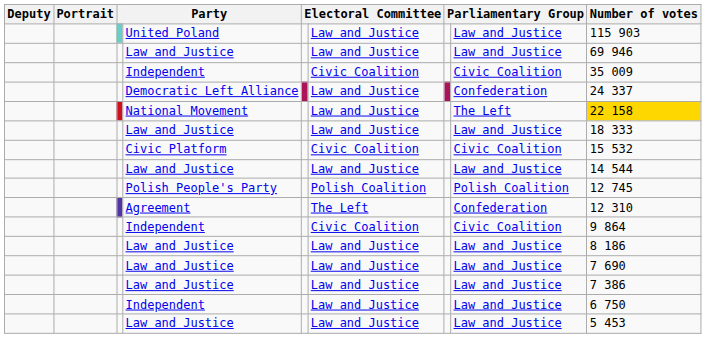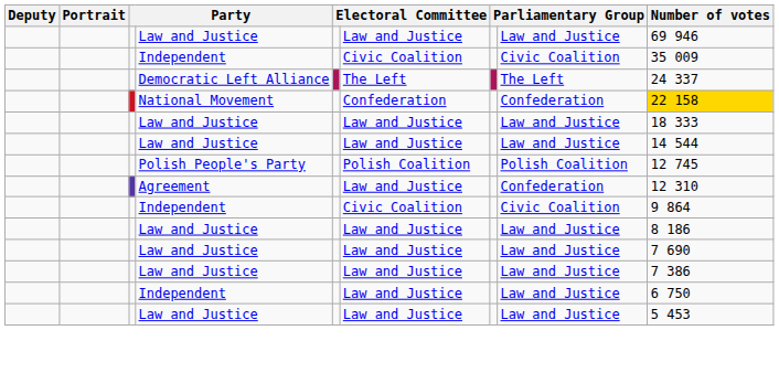 <table class="wikitable sortable" style="font-size:95%;line-height:14px;">
 <tr>
 <th>Deputy</th>
 <th>Portrait</th>
 <th colspan="2">Party</th>
 <th colspan="2">Electoral Committee</th>
 <th colspan="2">Parliamentary Group</th>
 <th>Number of votes</th>
-</tr>
-<tr>
-<td></td>
-<td></td>
-<td style="background:#6acec8;"></td>
-<td><a href='#'>United Poland</a></td>
-<td style="background:"></td>
-<td><a href='#'>Law and Justice</a></td>
-<td style="background:"></td>
-<td><a href='#'>Law and Justice</a></td>
-<td>115 903</td>
 </tr>
 <tr>
 <td></td>
 <td></td>
 <td style="background:"></td>
 <td><a href='#'>Law and Justice</a></td>
 <td style="background:"></td>
 <td><a href='#'>Law and Justice</a></td>
 <td style="background:"></td>
 <td><a href='#'>Law and Justice</a></td>
 <td>69 946</td>
 </tr>
 <tr>
 <td></td>
 <td></td>
 <td style="background:"></td>
 <td><a href='#'>Independent</a></td>
 <td style="background:"></td>
 <td><a href='#'>Civic Coalition</a></td>
 <td style="background:"></td>
 <td><a href='#'>Civic Coalition</a></td>
 <td>35 009</td>
 </tr>
 <tr>
 <td></td>
 <td></td>
 <td style="background:"></td>
 <td><a href='#'>Democratic Left Alliance</a></td>
 <td style="background:#AC145A;"></td>
-<td><a href='#'>Law and Justice</a></td>
+<td><a href='#'>The Left</a></td>
 <td style="background:#AC145A;"></td>
-<td><a href='#'>Confederation</a></td>
+<td><a href='#'>The Left</a></td>
 <td>24 337</td>
 </tr>
 <tr>
 <td></td>
 <td></td>
 <td style="background:#CF1020;"></td>
 <td><a href='#'>National Movement</a></td>
 <td style="background:"></td>
-<td><a href='#'>Law and Justice</a></td>
+<td><a href='#'>Confederation</a></td>
 <td style="background:"></td>
-<td><a href='#'>The Left</a></td>
+<td><a href='#'>Confederation</a></td>
 <td style="background: gold;">22 158</td>
 </tr>
 <tr>
 <td></td>
 <td></td>
 <td style="background:"></td>
 <td><a href='#'>Law and Justice</a></td>
 <td style="background:"></td>
 <td><a href='#'>Law and Justice</a></td>
 <td style="background:"></td>
 <td><a href='#'>Law and Justice</a></td>
 <td>18 333</td>
-</tr>
-<tr>
-<td></td>
-<td></td>
-<td style="background:"></td>
-<td><a href='#'>Civic Platform</a></td>
-<td style="background:"></td>
-<td><a href='#'>Civic Coalition</a></td>
-<td style="background:"></td>
-<td><a href='#'>Civic Coalition</a></td>
-<td>15 532</td>
 </tr>
 <tr>
 <td></td>
 <td></td>
 <td style="background:"></td>
 <td><a href='#'>Law and Justice</a></td>
 <td style="background:"></td>
 <td><a href='#'>Law and Justice</a></td>
 <td style="background:"></td>
 <td><a href='#'>Law and Justice</a></td>
 <td>14 544</td>
 </tr>
 <tr>
 <td></td>
 <td></td>
 <td style="background:"></td>
 <td><a href='#'>Polish People's Party</a></td>
 <td style="background:"></td>
 <td><a href='#'>Polish Coalition</a></td>
 <td style="background:"></td>
 <td><a href='#'>Polish Coalition</a></td>
 <td>12 745</td>
 </tr>
 <tr>
 <td></td>
 <td></td>
 <td style="background:#5234A5;"></td>
 <td><a href='#'>Agreement</a></td>
 <td style="background:"></td>
-<td><a href='#'>The Left</a></td>
+<td><a href='#'>Law and Justice</a></td>
 <td style="background:"></td>
 <td><a href='#'>Confederation</a></td>
 <td>12 310</td>
 </tr>
 <tr>
 <td></td>
 <td></td>
 <td style="background:"></td>
 <td><a href='#'>Independent</a></td>
 <td style="background:"></td>
 <td><a href='#'>Civic Coalition</a></td>
 <td style="background:"></td>
 <td><a href='#'>Civic Coalition</a></td>
 <td>9 864</td>
 </tr>
 <tr>
 <td></td>
 <td></td>
 <td style="background:"></td>
 <td><a href='#'>Law and Justice</a></td>
 <td style="background:"></td>
 <td><a href='#'>Law and Justice</a></td>
 <td style="background:"></td>
 <td><a href='#'>Law and Justice</a></td>
 <td>8 186</td>
 </tr>
 <tr>
 <td></td>
 <td></td>
 <td style="background:"></td>
 <td><a href='#'>Law and Justice</a></td>
 <td style="background:"></td>
 <td><a href='#'>Law and Justice</a></td>
 <td style="background:"></td>
 <td><a href='#'>Law and Justice</a></td>
 <td>7 690</td>
 </tr>
 <tr>
 <td></td>
 <td></td>
 <td style="background:"></td>
 <td><a href='#'>Law and Justice</a></td>
 <td style="background:"></td>
 <td><a href='#'>Law and Justice</a></td>
 <td style="background:"></td>
 <td><a href='#'>Law and Justice</a></td>
 <td>7 386</td>
 </tr>
 <tr>
 <td></td>
 <td></td>
 <td style="background:"></td>
 <td><a href='#'>Independent</a></td>
 <td style="background:"></td>
 <td><a href='#'>Law and Justice</a></td>
 <td style="background:"></td>
 <td><a href='#'>Law and Justice</a></td>
 <td>6 750</td>
 </tr>
 <tr>
 <td></td>
 <td></td>
 <td style="background:"></td>
 <td><a href='#'>Law and Justice</a></td>
 <td style="background:"></td>
 <td><a href='#'>Law and Justice</a></td>
 <td style="background:"></td>
 <td><a href='#'>Law and Justice</a></td>
 <td>5 453</td>
 </tr>
 </table>
